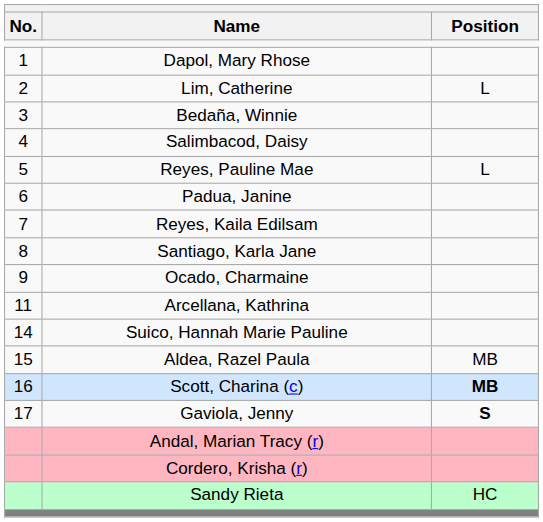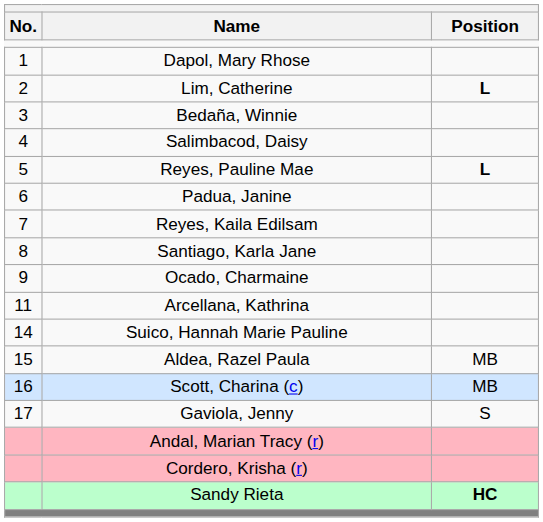 <table class='wikitable mw-collapsible mw-collapsed' style='text-align: center; width: 500px; border: none;'>
 <tr>
 <th style='text-align: left;' colspan=3></th>
 </tr>
 <tr>
 <th style='width: 7%;'>No.</th>
 <th>Name</th>
 <th style='width: 20%;'>Position</th>
 </tr>
 <tr>
 <td style='border: none;'></td>
 </tr>
 <tr>
 <td>1</td>
 <td>Dapol, Mary Rhose</td>
 <td></td>
 </tr>
 <tr>
 <td>2</td>
 <td>Lim, Catherine</td>
-<td>L</td>
+<td><strong>L</strong></td>
 </tr>
 <tr>
 <td>3</td>
 <td>Bedaña, Winnie</td>
 <td></td>
 </tr>
 <tr>
 <td>4</td>
 <td>Salimbacod, Daisy</td>
 <td></td>
 </tr>
 <tr>
 <td>5</td>
 <td>Reyes, Pauline Mae</td>
-<td>L</td>
+<td><strong>L</strong></td>
 </tr>
 <tr>
 <td>6</td>
 <td>Padua, Janine</td>
 <td></td>
 </tr>
 <tr>
 <td>7</td>
 <td>Reyes, Kaila Edilsam</td>
 <td></td>
 </tr>
 <tr>
 <td>8</td>
 <td>Santiago, Karla Jane</td>
 <td></td>
 </tr>
 <tr>
 <td>9</td>
 <td>Ocado, Charmaine</td>
 <td></td>
 </tr>
 <tr>
 <td>11</td>
 <td>Arcellana, Kathrina</td>
 <td></td>
 </tr>
 <tr>
 <td>14</td>
 <td>Suico, Hannah Marie Pauline</td>
 <td></td>
 </tr>
 <tr>
 <td>15</td>
 <td>Aldea, Razel Paula</td>
 <td>MB</td>
 </tr>
 <tr bgcolor=#D0E6FF>
 <td>16</td>
 <td>Scott, Charina (<a href='#'>c</a>)</td>
-<td><strong>MB</strong></td>
+<td>MB</td>
 </tr>
 <tr>
 <td>17</td>
 <td>Gaviola, Jenny</td>
-<td><strong>S</strong></td>
+<td>S</td>
 </tr>
 <tr bgcolor=#FFB6C1>
 <td></td>
 <td>Andal, Marian Tracy (<a href='#'>r</a>)</td>
 <td></td>
 </tr>
 <tr bgcolor=#FFB6C1>
 <td></td>
 <td>Cordero, Krisha (<a href='#'>r</a>)</td>
 <td></td>
 </tr>
 <tr bgcolor=#BBFFCC>
 <td></td>
 <td>Sandy Rieta</td>
-<td>HC</td>
+<td><strong>HC</strong></td>
 </tr>
 <tr>
 <th style='background: grey;' colspan=3></th>
 </tr>
 </table>
